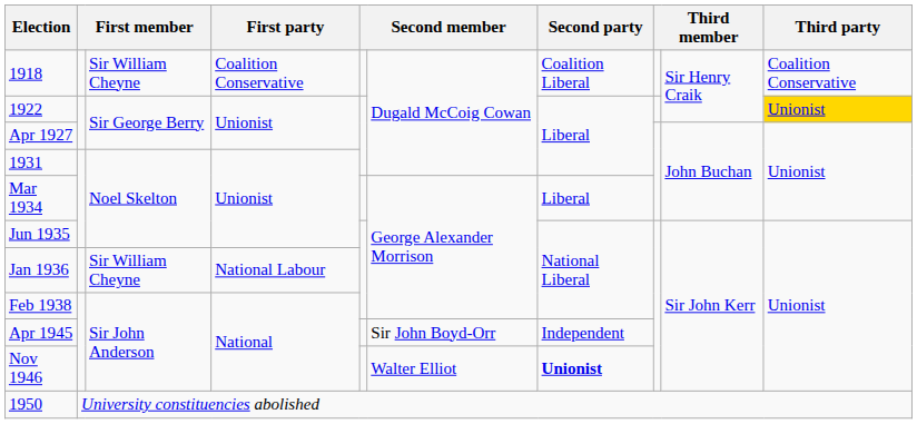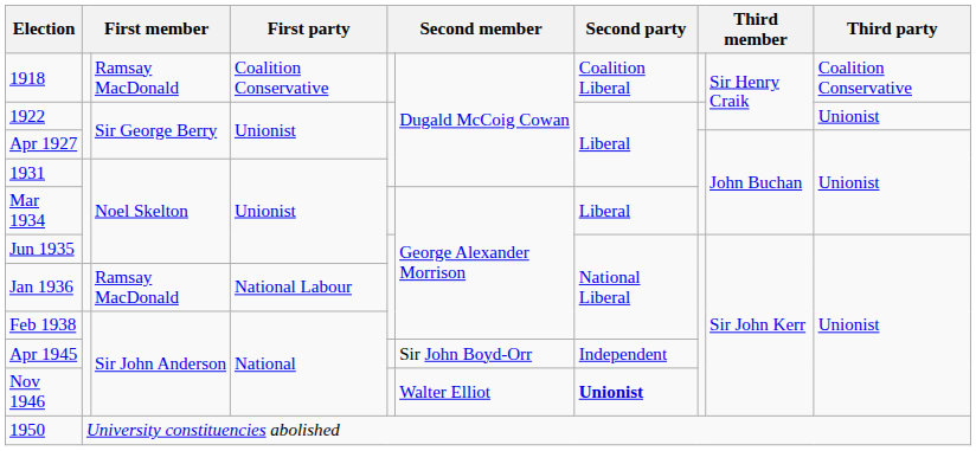 <table class="wikitable">
 <tr>
 <th>Election</th>
 <th colspan="2">First member</th>
 <th>First party</th>
 <th colspan="2">Second member</th>
 <th>Second party</th>
 <th colspan="2">Third member</th>
 <th>Third party</th>
 </tr>
 <tr>
 <td><a href='#'>1918</a></td>
 <td style="color:inherit;background-color: "></td>
-<td><a href='#'>Sir William Cheyne</a></td>
+<td><a href='#'>Ramsay MacDonald</a>	</td>
 <td><a href='#'>Coalition Conservative</a></td>
 <td style="color:inherit;background-color: "></td>
 <td rowspan="4"><a href='#'>Dugald McCoig Cowan</a>	</td>
 <td><a href='#'>Coalition Liberal</a></td>
 <td style="color:inherit;background-color: "></td>
 <td rowspan="2"><a href='#'>Sir Henry Craik</a>	</td>
 <td><a href='#'>Coalition Conservative</a></td>
 </tr>
 <tr>
 <td><a href='#'>1922</a></td>
 <td rowspan="2" style="color:inherit;background-color: "></td>
 <td rowspan="2"><a href='#'>Sir George Berry</a>	</td>
 <td rowspan="2"><a href='#'>Unionist</a></td>
 <td rowspan="3" style="color:inherit;background-color: "></td>
 <td rowspan="3"><a href='#'>Liberal</a> </td>
 <td style="color:inherit;background-color: "></td>
-<td style="background: gold;"><a href='#'>Unionist</a> </td>
+<td><a href='#'>Unionist</a> </td>
 </tr>
 <tr>
 <td><a href='#'>Apr 1927</a></td>
 <td rowspan="3" style="color:inherit;background-color: "></td>
 <td rowspan="3"><a href='#'>John Buchan</a>	</td>
 <td rowspan="3"><a href='#'>Unionist</a></td>
 </tr>
 <tr>
 <td><a href='#'>1931</a></td>
 <td rowspan="3" style="color:inherit;background-color: "></td>
 <td rowspan="3"><a href='#'>Noel Skelton</a>	</td>
 <td rowspan="3"><a href='#'>Unionist</a></td>
 </tr>
 <tr>
 <td><a href='#'>Mar 1934</a></td>
 <td style="color:inherit;background-color: "></td>
 <td rowspan="4"><a href='#'>George Alexander Morrison</a>	</td>
 <td><a href='#'>Liberal</a></td>
 </tr>
 <tr>
 <td><a href='#'>Jun 1935</a></td>
 <td rowspan="3" style="color:inherit;background-color: "></td>
 <td rowspan="3"><a href='#'>National Liberal</a> </td>
 <td rowspan="5" style="color:inherit;background-color: "></td>
 <td rowspan="5"><a href='#'>Sir John Kerr</a>	</td>
 <td rowspan="5"><a href='#'>Unionist</a></td>
 </tr>
 <tr>
 <td><a href='#'>Jan 1936</a></td>
 <td style="color:inherit;background-color: "></td>
-<td><a href='#'>Sir William Cheyne</a></td>
+<td><a href='#'>Ramsay MacDonald</a>	</td>
 <td><a href='#'>National Labour</a></td>
 </tr>
 <tr>
 <td><a href='#'>Feb 1938</a></td>
 <td rowspan="3" style="color:inherit;background-color: "></td>
 <td rowspan="3"><a href='#'>Sir John Anderson</a>	</td>
 <td rowspan="3"><a href='#'>National</a></td>
 </tr>
 <tr>
 <td><a href='#'>Apr 1945</a></td>
 <td style="color:inherit;background-color: "></td>
 <td>Sir <a href='#'>John Boyd-Orr</a>	</td>
 <td><a href='#'>Independent</a></td>
 </tr>
 <tr>
 <td><a href='#'>Nov 1946</a></td>
 <td style="color:inherit;background-color: "></td>
 <td><a href='#'>Walter Elliot</a></td>
 <td><strong><a href='#'>Unionist</a></strong></td>
 </tr>
 <tr>
 <td><a href='#'>1950</a></td>
 <td colspan="9"><em><a href='#'>University constituencies</a> abolished</em></td>
 </tr>
 </table>
